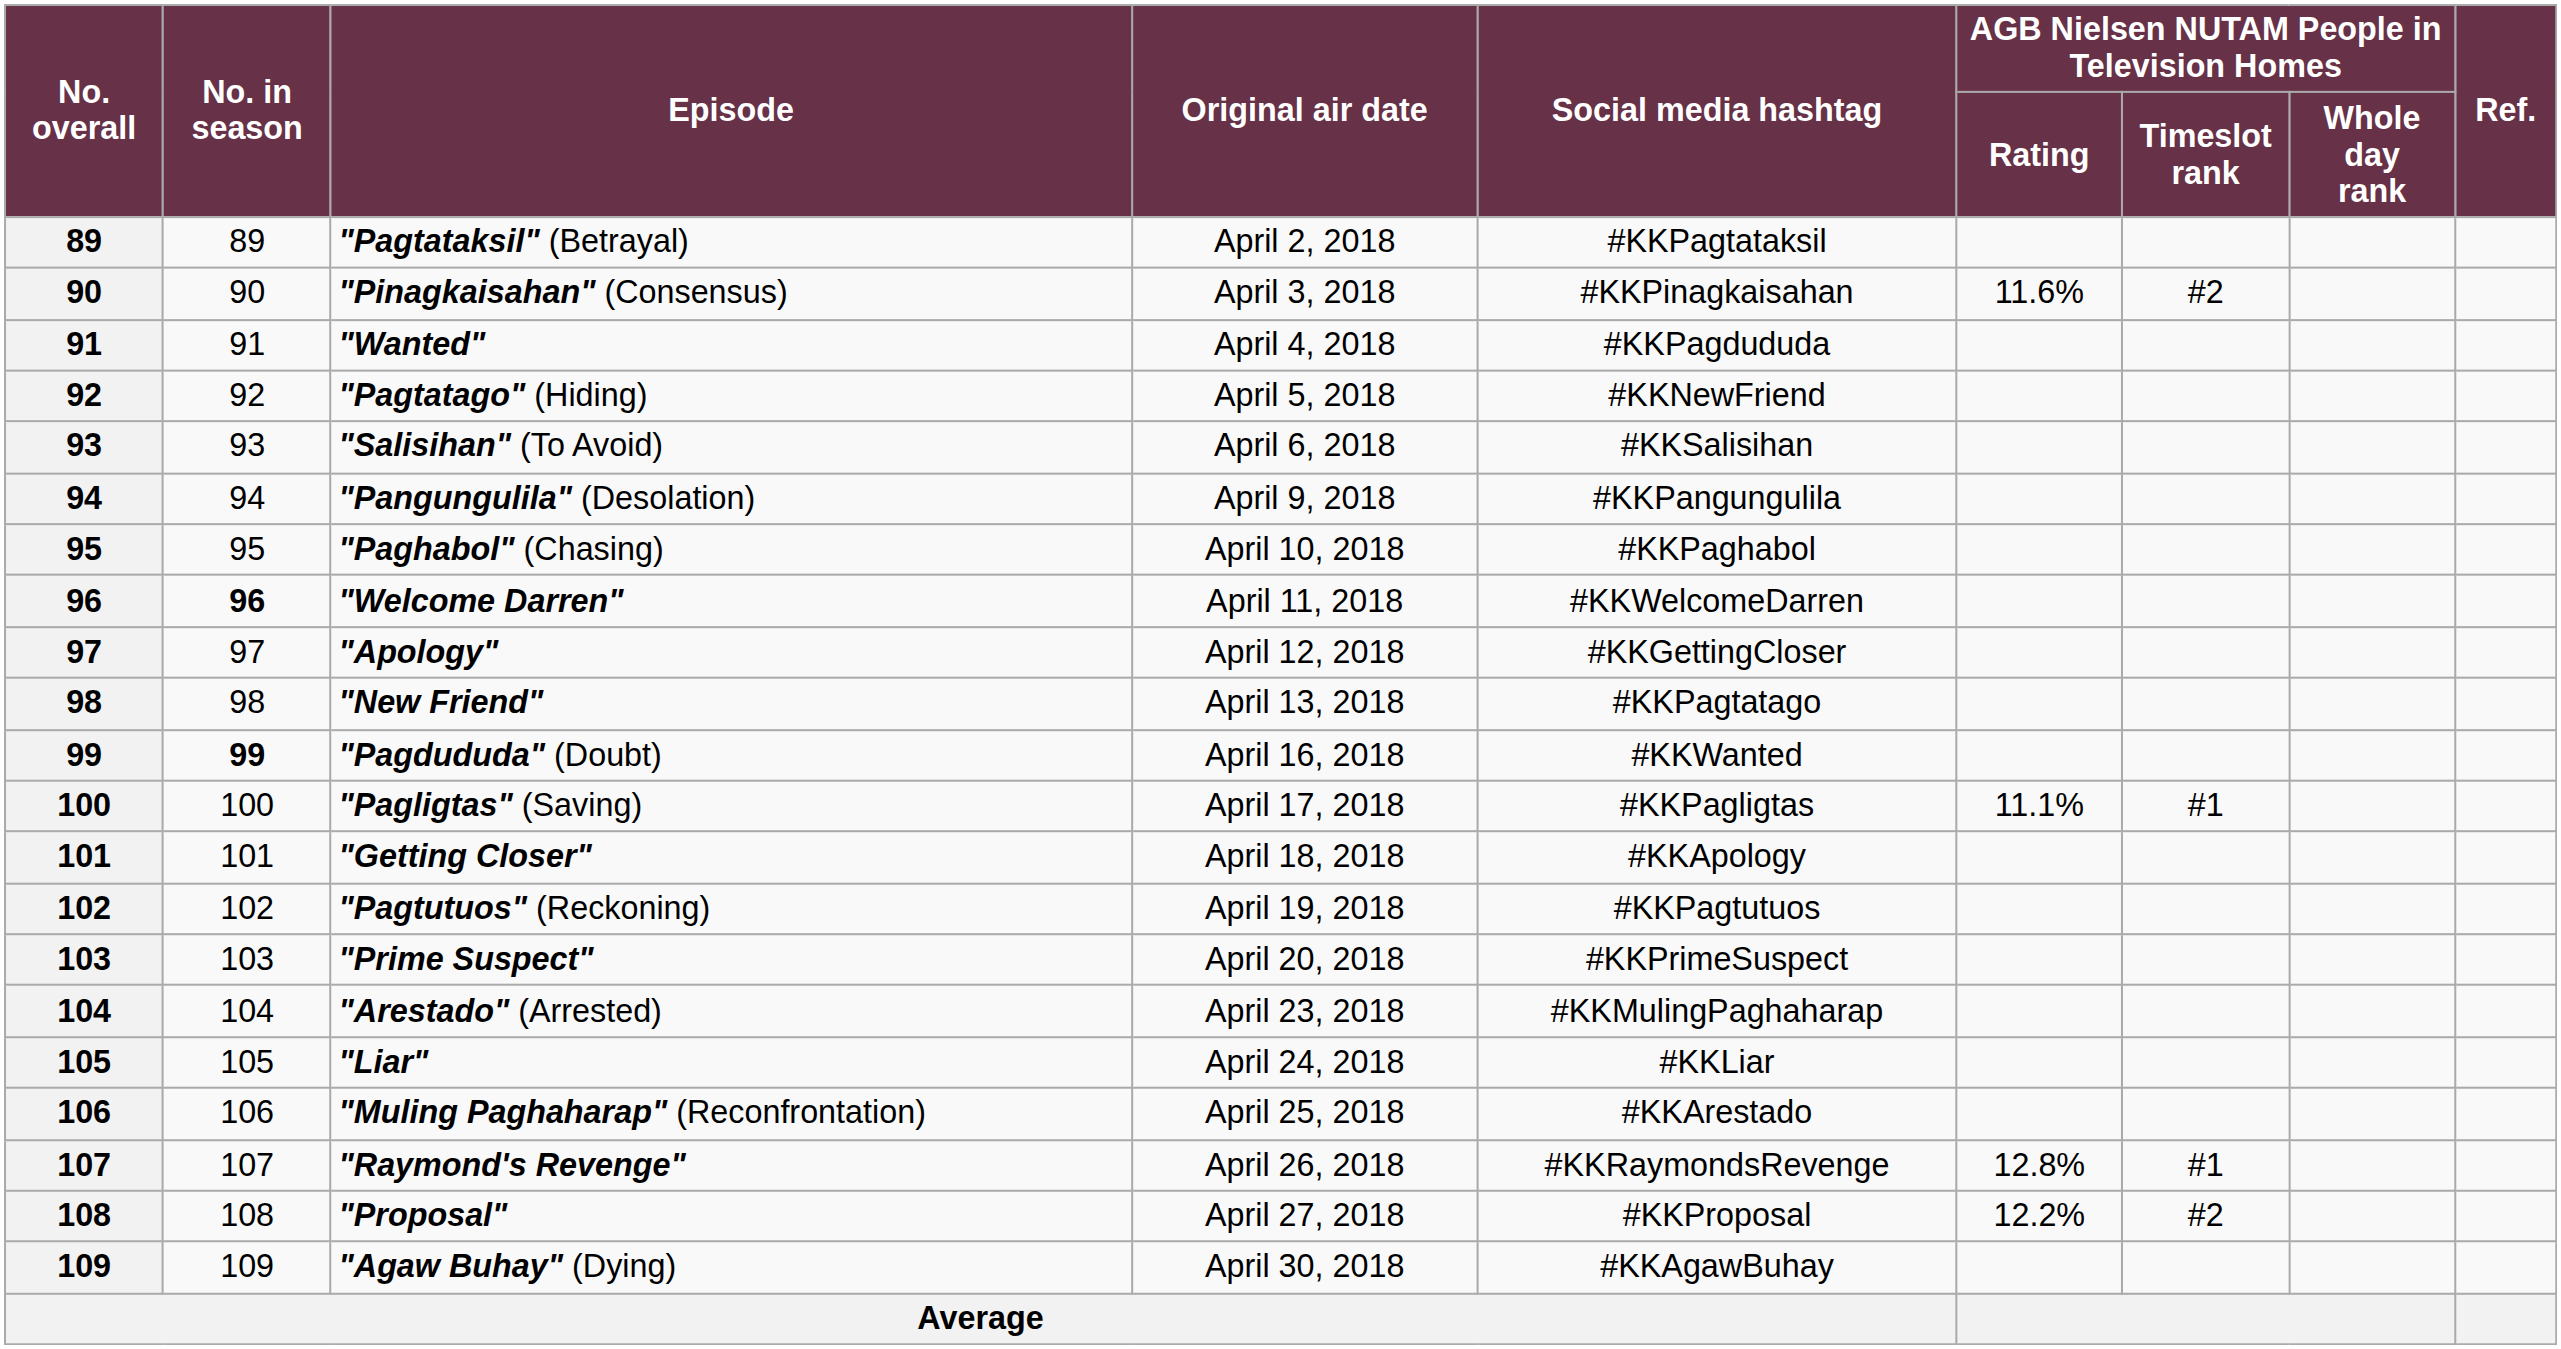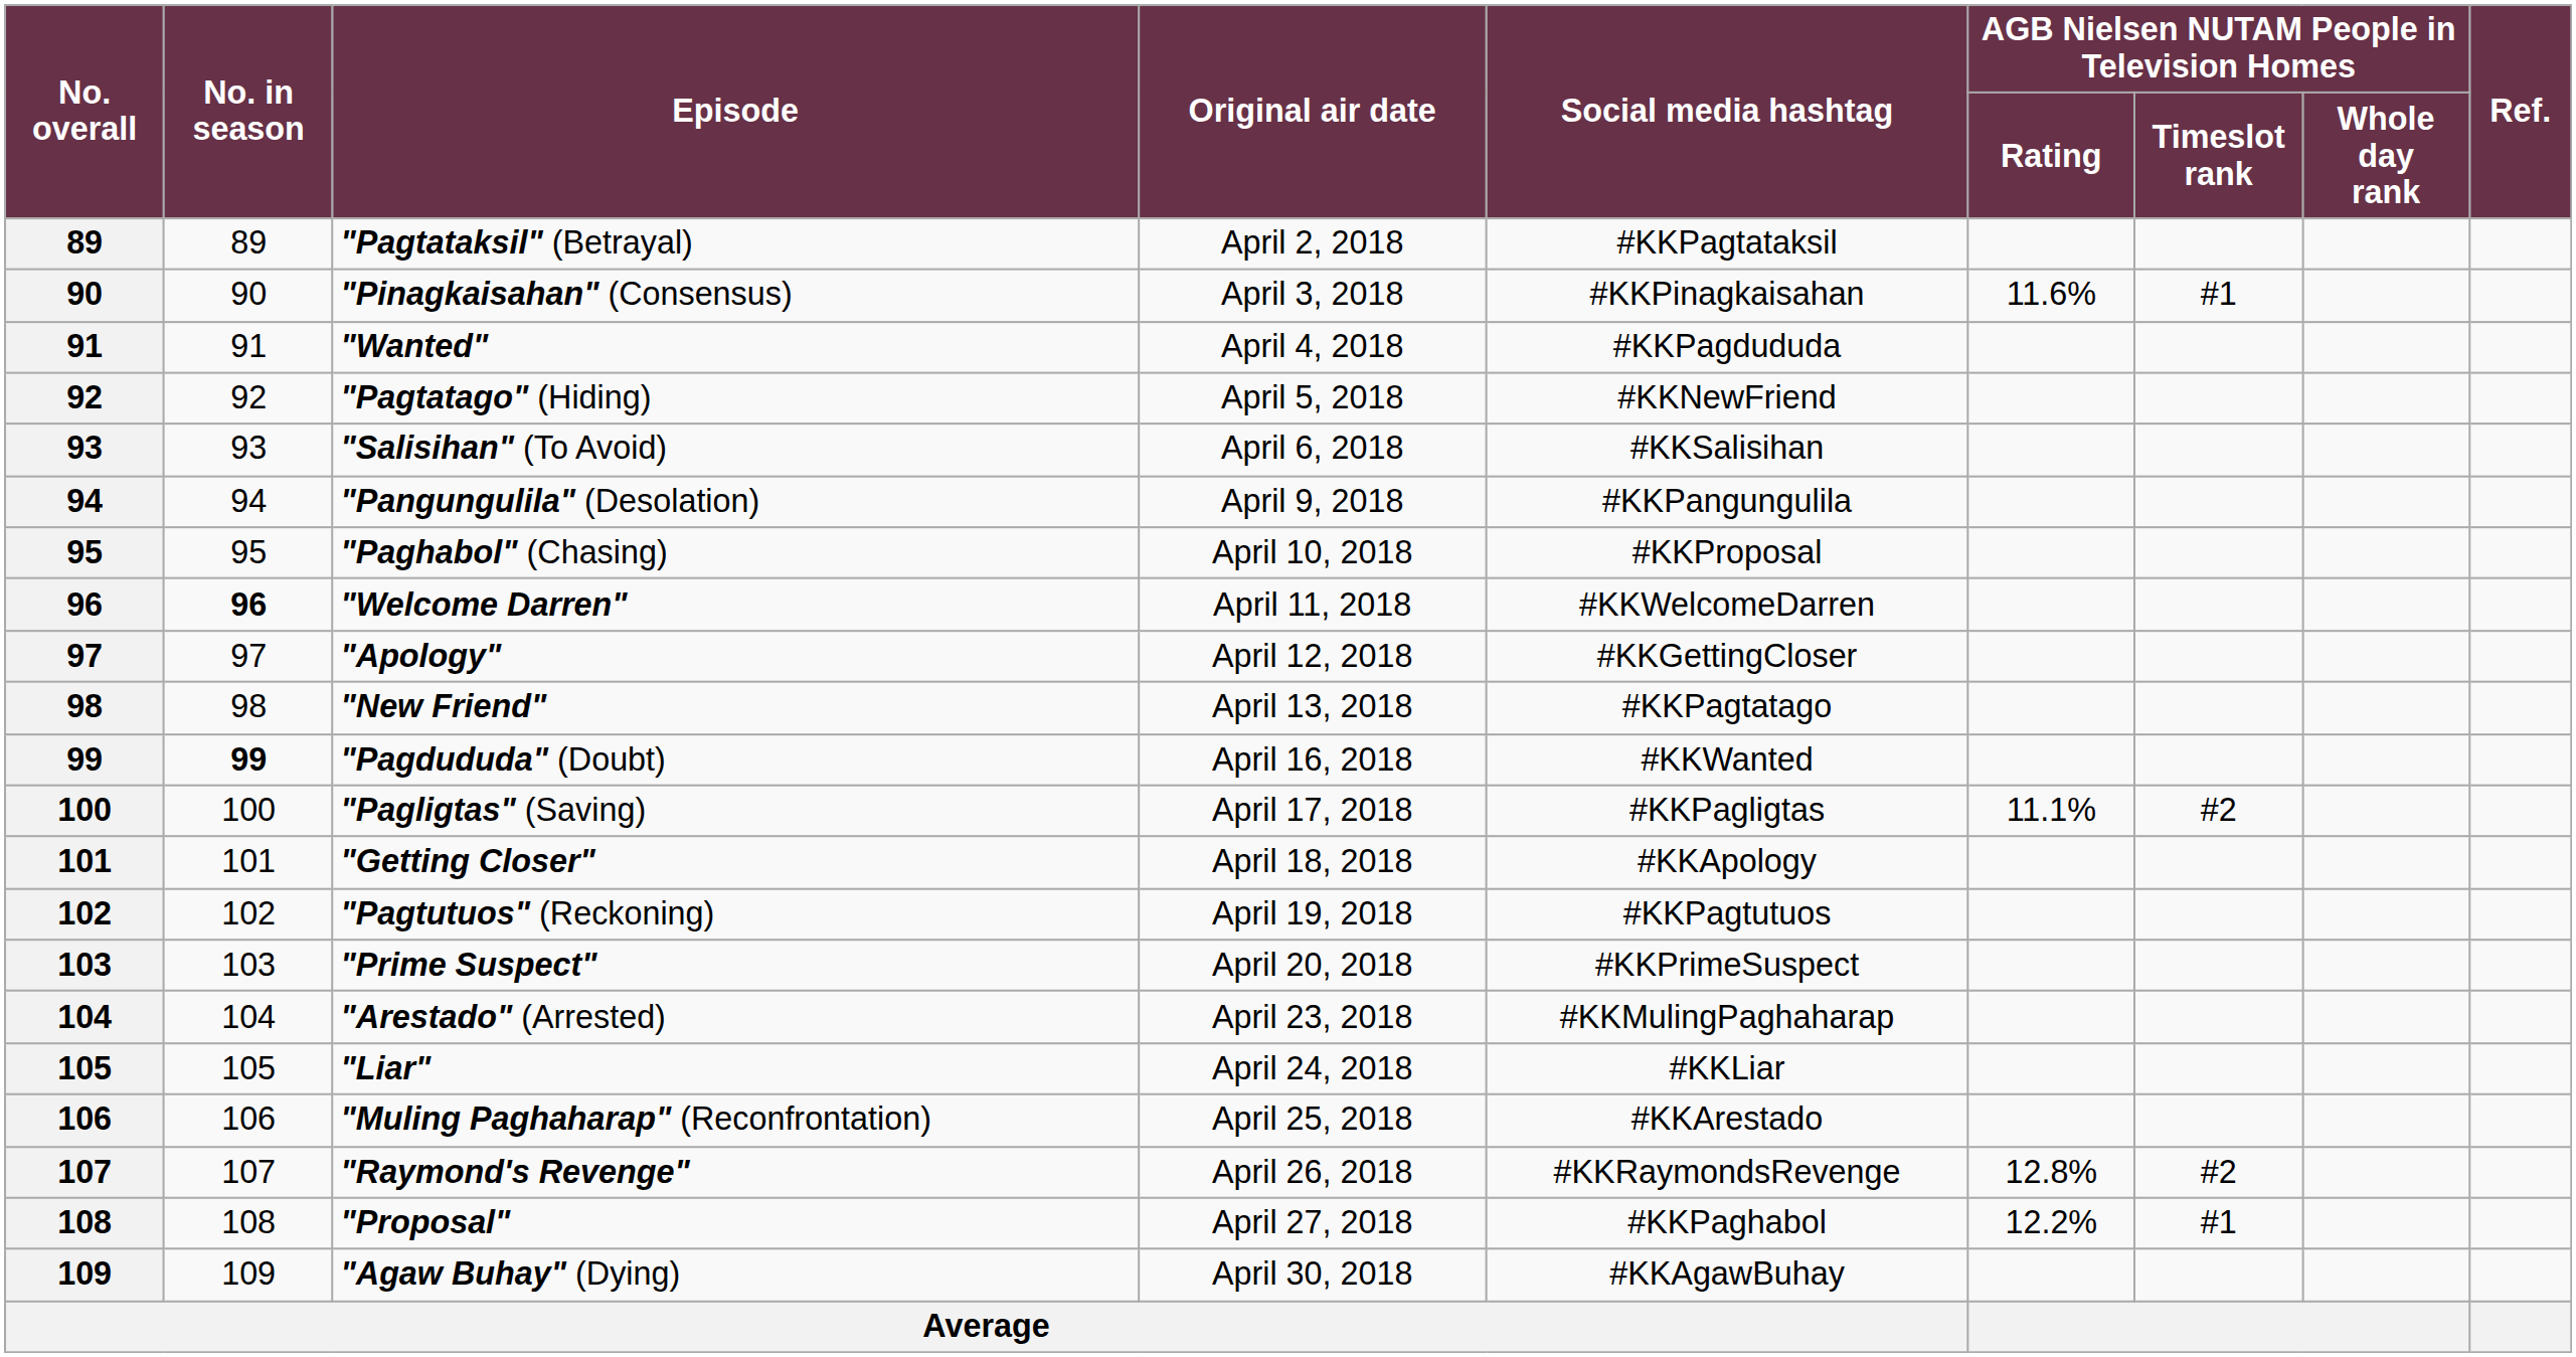 <table class="wikitable" style="text-align:center; font-size:100%; line-height:18px;" width="100%">
 <tr>
 <th style="background-color:#673147; color:#ffffff;" rowspan="2">No.<br>overall</th>
 <th style="background-color:#673147; color:#ffffff;" rowspan="2">No. in<br>season</th>
 <th style="background-color:#673147; color:#ffffff;" rowspan="2">Episode</th>
 <th style="background-color:#673147; color:white" rowspan="2">Original air date</th>
 <th style="background-color:#673147; color:white" rowspan="2">Social media hashtag</th>
 <th style="background-color:#673147; color:#ffffff;" colspan="3">AGB Nielsen NUTAM People in Television Homes</th>
 <th style="background-color:#673147;  color:#ffffff;" rowspan="2">Ref.</th>
 </tr>
 <tr>
 <th style="background-color:#673147; width:75px; color:#ffffff;">Rating</th>
 <th style="background-color:#673147; width:75px; color:#ffffff;">Timeslot<br>rank</th>
 <th style="background-color:#673147; width:75px; color:#ffffff;">Whole day<br>rank</th>
 </tr>
 <tr>
 <th>89</th>
 <td>89</td>
 <td style="text-align: left;"><strong><em>"Pagtataksil"</em></strong> (Betrayal)</td>
 <td>April 2, 2018</td>
 <td>#KKPagtataksil</td>
 <td></td>
 <td></td>
 <td></td>
 <td></td>
 </tr>
 <tr>
 <th>90</th>
 <td>90</td>
 <td style="text-align: left;"><strong><em>"Pinagkaisahan"</em></strong> (Consensus)</td>
 <td>April 3, 2018</td>
 <td>#KKPinagkaisahan</td>
 <td>11.6%</td>
-<td>#2</td>
+<td>#1</td>
 <td></td>
 <td></td>
 </tr>
 <tr>
 <th>91</th>
 <td>91</td>
 <td style="text-align: left;"><strong><em>"Wanted"</em></strong></td>
 <td>April 4, 2018</td>
 <td>#KKPagdududa</td>
 <td></td>
 <td></td>
 <td></td>
 <td></td>
 </tr>
 <tr>
 <th>92</th>
 <td>92</td>
 <td style="text-align: left;"><strong><em>"Pagtatago"</em></strong> (Hiding)</td>
 <td>April 5, 2018</td>
 <td>#KKNewFriend</td>
 <td></td>
 <td></td>
 <td></td>
 <td></td>
 </tr>
 <tr>
 <th>93</th>
 <td>93</td>
 <td style="text-align: left;"><strong><em>"Salisihan"</em></strong> (To Avoid)</td>
 <td>April 6, 2018</td>
 <td>#KKSalisihan</td>
 <td></td>
 <td></td>
 <td></td>
 <td></td>
 </tr>
 <tr>
 <th>94</th>
 <td>94</td>
 <td style="text-align: left;"><strong><em>"Pangungulila"</em></strong> (Desolation)</td>
 <td>April 9, 2018</td>
 <td>#KKPangungulila</td>
 <td></td>
 <td></td>
 <td></td>
 <td></td>
 </tr>
 <tr>
 <th>95</th>
 <td>95</td>
 <td style="text-align: left;"><strong><em>"Paghabol"</em></strong> (Chasing)</td>
 <td>April 10, 2018</td>
-<td>#KKPaghabol</td>
+<td>#KKProposal</td>
 <td></td>
 <td></td>
 <td></td>
 <td></td>
 </tr>
 <tr>
 <th>96</th>
 <td><strong>96</strong></td>
 <td style="text-align: left;"><strong><em>"Welcome Darren"</em></strong></td>
 <td>April 11, 2018</td>
 <td>#KKWelcomeDarren</td>
 <td></td>
 <td></td>
 <td></td>
 <td></td>
 </tr>
 <tr>
 <th>97</th>
 <td>97</td>
 <td style="text-align: left;"><strong><em>"Apology"</em></strong></td>
 <td>April 12, 2018</td>
 <td>#KKGettingCloser</td>
 <td></td>
 <td></td>
 <td></td>
 <td></td>
 </tr>
 <tr>
 <th>98</th>
 <td>98</td>
 <td style="text-align: left;"><strong><em>"New Friend"</em></strong></td>
 <td>April 13, 2018</td>
 <td>#KKPagtatago</td>
 <td></td>
 <td></td>
 <td></td>
 <td></td>
 </tr>
 <tr>
 <th>99</th>
 <td><strong>99</strong></td>
 <td style="text-align: left;"><strong><em>"Pagdududa"</em></strong> (Doubt)</td>
 <td>April 16, 2018</td>
 <td>#KKWanted</td>
 <td></td>
 <td></td>
 <td></td>
 <td></td>
 </tr>
 <tr>
 <th>100</th>
 <td>100</td>
 <td style="text-align: left;"><strong><em>"Pagligtas"</em></strong> (Saving)</td>
 <td>April 17, 2018</td>
 <td>#KKPagligtas</td>
 <td>11.1%</td>
-<td>#1</td>
+<td>#2</td>
 <td></td>
 <td></td>
 </tr>
 <tr>
 <th>101</th>
 <td>101</td>
 <td style="text-align: left;"><strong><em>"Getting Closer"</em></strong></td>
 <td>April 18, 2018</td>
 <td>#KKApology</td>
 <td></td>
 <td></td>
 <td></td>
 <td></td>
 </tr>
 <tr>
 <th>102</th>
 <td>102</td>
 <td style="text-align: left;"><strong><em>"Pagtutuos"</em></strong> (Reckoning)</td>
 <td>April 19, 2018</td>
 <td>#KKPagtutuos</td>
 <td></td>
 <td></td>
 <td></td>
 <td></td>
 </tr>
 <tr>
 <th>103</th>
 <td>103</td>
 <td style="text-align: left;"><strong><em>"Prime Suspect"</em></strong></td>
 <td>April 20, 2018</td>
 <td>#KKPrimeSuspect</td>
 <td></td>
 <td></td>
 <td></td>
 <td></td>
 </tr>
 <tr>
 <th>104</th>
 <td>104</td>
 <td style="text-align: left;"><strong><em>"Arestado"</em></strong> (Arrested)</td>
 <td>April 23, 2018</td>
 <td>#KKMulingPaghaharap</td>
 <td></td>
 <td></td>
 <td></td>
 <td></td>
 </tr>
 <tr>
 <th>105</th>
 <td>105</td>
 <td style="text-align: left;"><strong><em>"Liar"</em></strong></td>
 <td>April 24, 2018</td>
 <td>#KKLiar</td>
 <td></td>
 <td></td>
 <td></td>
 <td></td>
 </tr>
 <tr>
 <th>106</th>
 <td>106</td>
 <td style="text-align: left;"><strong><em>"Muling Paghaharap"</em></strong> (Reconfrontation)</td>
 <td>April 25, 2018</td>
 <td>#KKArestado</td>
 <td></td>
 <td></td>
 <td></td>
 <td></td>
 </tr>
 <tr>
 <th>107</th>
 <td>107</td>
 <td style="text-align: left;"><strong><em>"Raymond's Revenge"</em></strong></td>
 <td>April 26, 2018</td>
 <td>#KKRaymondsRevenge</td>
 <td>12.8%</td>
-<td>#1</td>
+<td>#2</td>
 <td></td>
 <td></td>
 </tr>
 <tr>
 <th>108</th>
 <td>108</td>
 <td style="text-align: left;"><strong><em>"Proposal"</em></strong></td>
 <td>April 27, 2018</td>
-<td>#KKProposal</td>
+<td>#KKPaghabol</td>
 <td>12.2%</td>
-<td>#2</td>
+<td>#1</td>
 <td></td>
 <td></td>
 </tr>
 <tr>
 <th>109</th>
 <td>109</td>
 <td style="text-align: left;"><strong><em>"Agaw Buhay"</em></strong> (Dying)</td>
 <td>April 30, 2018</td>
 <td>#KKAgawBuhay</td>
 <td></td>
 <td></td>
 <td></td>
 <td></td>
 </tr>
 <tr>
 <th colspan="5">Average</th>
 <th colspan="3"></th>
 <th></th>
 </tr>
 </table>
